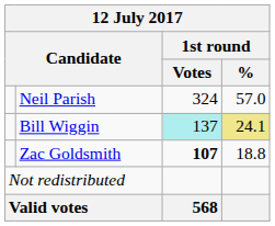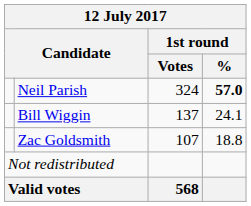 <table class="wikitable" style="min-width:250px">
 <tr>
 <th colspan="12">12 July 2017</th>
 </tr>
 <tr>
 <th colspan="2" rowspan="2">Candidate</th>
 <th colspan="2">1st round</th>
 </tr>
 <tr>
 <th>Votes</th>
 <th>%</th>
 </tr>
 <tr>
 <td style="color:inherit;background-color: "></td>
 <td><a href='#'>Neil Parish</a></td>
 <td align="right">324</td>
-<td align="right">57.0</td>
+<td align="right"><strong>57.0</strong></td>
 </tr>
 <tr>
 <td style="color:inherit;background-color: "></td>
 <td><a href='#'>Bill Wiggin</a></td>
-<td align="right" style="background: paleturquoise;">137</td>
-<td align="right" style="background: khaki;">24.1</td>
+<td align="right">137</td>
+<td align="right">24.1</td>
 </tr>
 <tr>
 <td style="color:inherit;background-color: "></td>
 <td><a href='#'>Zac Goldsmith</a></td>
-<td align="right"><strong>107</strong></td>
+<td align="right">107</td>
 <td align="right">18.8</td>
 </tr>
 <tr>
 <td colspan="2"><em>Not redistributed</em></td>
 <td align="right"></td>
 <td align="right"></td>
 </tr>
 <tr>
 <th style="text-align:left;" colspan="2"><strong>Valid votes</strong></th>
 <th style="text-align:right;">568</th>
 <th style="text-align:right;"></th>
 </tr>
 </table>
